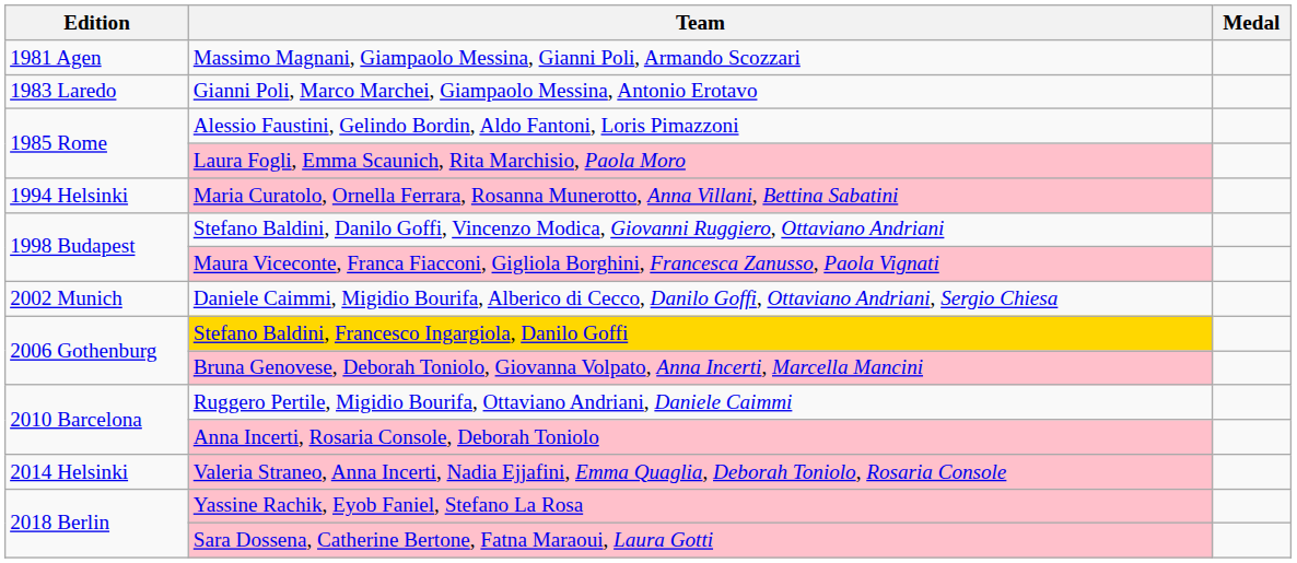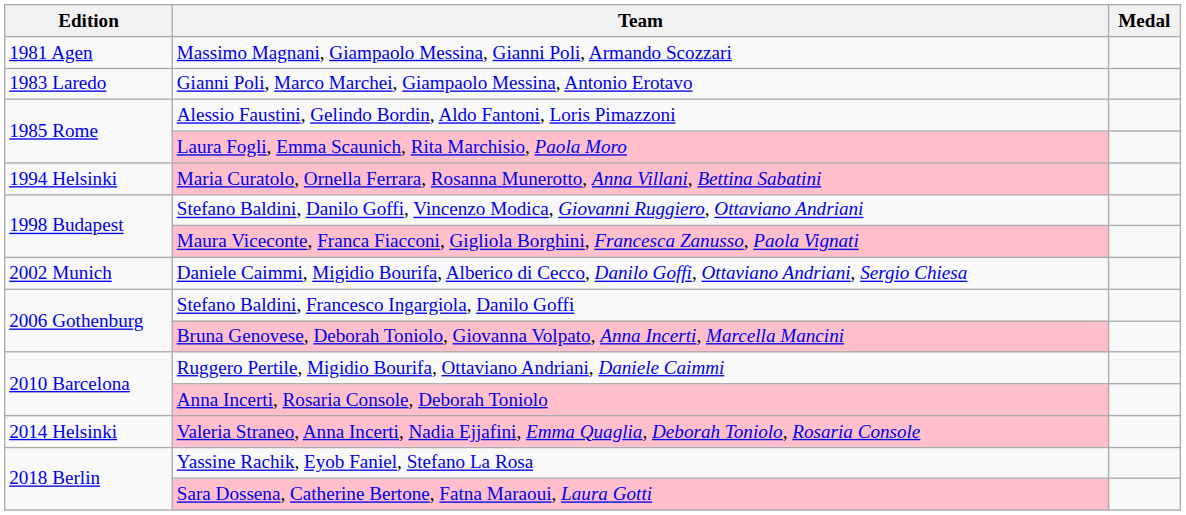 <table class="wikitable sortable" width=70% style="font-size:90%; text-align:left;">
 <tr>
 <th>Edition</th>
 <th>Team</th>
 <th>Medal</th>
 </tr>
 <tr>
 <td><a href='#'>1981 Agen</a></td>
 <td><a href='#'>Massimo Magnani</a>, <a href='#'>Giampaolo Messina</a>, <a href='#'>Gianni Poli</a>, <a href='#'>Armando Scozzari</a></td>
 <td align=center></td>
 </tr>
 <tr>
 <td><a href='#'>1983 Laredo</a></td>
 <td><a href='#'>Gianni Poli</a>, <a href='#'>Marco Marchei</a>, <a href='#'>Giampaolo Messina</a>, <a href='#'>Antonio Erotavo</a></td>
 <td align=center></td>
 </tr>
 <tr>
 <td rowspan=2><a href='#'>1985 Rome</a></td>
 <td><a href='#'>Alessio Faustini</a>, <a href='#'>Gelindo Bordin</a>, <a href='#'>Aldo Fantoni</a>, <a href='#'>Loris Pimazzoni</a></td>
 <td align=center></td>
 </tr>
 <tr>
 <td bgcolor=pink><a href='#'>Laura Fogli</a>, <a href='#'>Emma Scaunich</a>, <a href='#'>Rita Marchisio</a>, <em><a href='#'>Paola Moro</a></em></td>
 <td align=center></td>
 </tr>
 <tr>
 <td><a href='#'>1994 Helsinki</a></td>
 <td bgcolor=pink><a href='#'>Maria Curatolo</a>, <a href='#'>Ornella Ferrara</a>, <a href='#'>Rosanna Munerotto</a>, <em><a href='#'>Anna Villani</a></em>, <em><a href='#'>Bettina Sabatini</a></em></td>
 <td align=center></td>
 </tr>
 <tr>
 <td rowspan=2><a href='#'>1998 Budapest</a></td>
 <td><a href='#'>Stefano Baldini</a>, <a href='#'>Danilo Goffi</a>, <a href='#'>Vincenzo Modica</a>, <em><a href='#'>Giovanni Ruggiero</a></em>, <em><a href='#'>Ottaviano Andriani</a></em></td>
 <td align=center></td>
 </tr>
 <tr>
 <td bgcolor=pink><a href='#'>Maura Viceconte</a>, <a href='#'>Franca Fiacconi</a>, <a href='#'>Gigliola Borghini</a>, <em><a href='#'>Francesca Zanusso</a></em>, <em><a href='#'>Paola Vignati</a></em></td>
 <td align=center></td>
 </tr>
 <tr>
 <td><a href='#'>2002 Munich</a></td>
 <td><a href='#'>Daniele Caimmi</a>, <a href='#'>Migidio Bourifa</a>, <a href='#'>Alberico di Cecco</a>, <em><a href='#'>Danilo Goffi</a></em>, <em><a href='#'>Ottaviano Andriani</a></em>, <em><a href='#'>Sergio Chiesa</a></em></td>
 <td align=center></td>
 </tr>
 <tr>
 <td rowspan=2><a href='#'>2006 Gothenburg</a></td>
-<td style="background: gold;"><a href='#'>Stefano Baldini</a>, <a href='#'>Francesco Ingargiola</a>, <a href='#'>Danilo Goffi</a></td>
+<td><a href='#'>Stefano Baldini</a>, <a href='#'>Francesco Ingargiola</a>, <a href='#'>Danilo Goffi</a></td>
 <td align=center></td>
 </tr>
 <tr>
 <td bgcolor=pink><a href='#'>Bruna Genovese</a>, <a href='#'>Deborah Toniolo</a>, <a href='#'>Giovanna Volpato</a>, <em><a href='#'>Anna Incerti</a></em>, <em><a href='#'>Marcella Mancini</a></em></td>
 <td align=center></td>
 </tr>
 <tr>
 <td rowspan=2><a href='#'>2010 Barcelona</a></td>
 <td><a href='#'>Ruggero Pertile</a>, <a href='#'>Migidio Bourifa</a>, <a href='#'>Ottaviano Andriani</a>, <em><a href='#'>Daniele Caimmi</a></em></td>
 <td align=center></td>
 </tr>
 <tr>
 <td bgcolor=pink><a href='#'>Anna Incerti</a>, <a href='#'>Rosaria Console</a>, <a href='#'>Deborah Toniolo</a></td>
 <td align=center></td>
 </tr>
 <tr>
 <td><a href='#'>2014 Helsinki</a></td>
 <td bgcolor=pink><a href='#'>Valeria Straneo</a>, <a href='#'>Anna Incerti</a>, <a href='#'>Nadia Ejjafini</a>, <em><a href='#'>Emma Quaglia</a></em>, <em><a href='#'>Deborah Toniolo</a></em>, <em><a href='#'>Rosaria Console</a></em></td>
 <td align=center></td>
 </tr>
 <tr>
 <td rowspan=2><a href='#'>2018 Berlin</a></td>
-<td style="background: pink;"><a href='#'>Yassine Rachik</a>, <a href='#'>Eyob Faniel</a>, <a href='#'>Stefano La Rosa</a></td>
+<td><a href='#'>Yassine Rachik</a>, <a href='#'>Eyob Faniel</a>, <a href='#'>Stefano La Rosa</a></td>
 <td align=center></td>
 </tr>
 <tr>
 <td bgcolor=pink><a href='#'>Sara Dossena</a>, <a href='#'>Catherine Bertone</a>, <a href='#'>Fatna Maraoui</a>, <em><a href='#'>Laura Gotti</a></em></td>
 <td align=center></td>
 </tr>
 </table>
